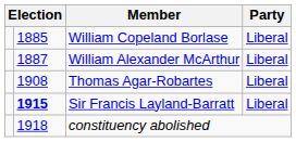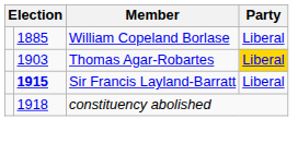 <table class="wikitable">
 <tr>
 <th colspan="2">Election</th>
 <th>Member</th>
 <th>Party</th>
 </tr>
 <tr>
 <td style="color:inherit;background-color: "></td>
 <td><a href='#'>1885</a></td>
 <td><a href='#'>William Copeland Borlase</a></td>
 <td><a href='#'>Liberal</a></td>
 </tr>
 <tr>
 <td style="color:inherit;background-color: "></td>
-<td><a href='#'>1887</a></td>
-<td><a href='#'>William Alexander McArthur</a></td>
-<td><a href='#'>Liberal</a></td>
-</tr>
-<tr>
-<td style="color:inherit;background-color: "></td>
-<td><a href='#'>1908</a></td>
+<td><a href='#'>1903</a></td>
 <td><a href='#'>Thomas Agar-Robartes</a></td>
-<td><a href='#'>Liberal</a></td>
+<td style="background: gold;"><a href='#'>Liberal</a></td>
 </tr>
 <tr>
 <td style="color:inherit;background-color: "></td>
 <td><strong><a href='#'>1915</a></strong></td>
 <td><a href='#'>Sir Francis Layland-Barratt</a></td>
 <td><a href='#'>Liberal</a></td>
 </tr>
 <tr>
 <td></td>
 <td><a href='#'>1918</a></td>
 <td colspan="2"><em>constituency abolished</em></td>
 </tr>
 </table>
